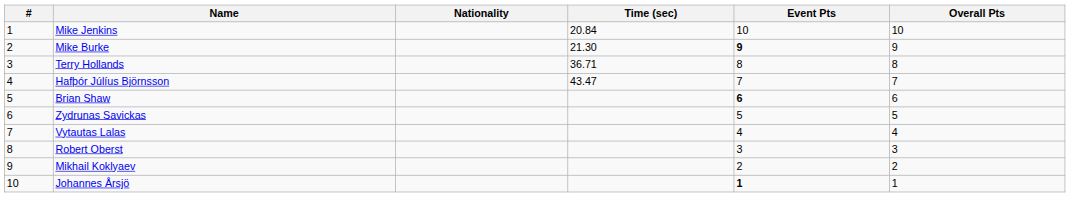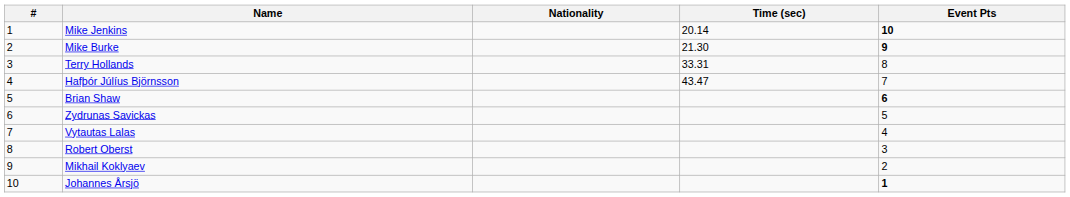 <table class="wikitable sortable" style="display: inline-table; width: 100%;">
 <tr>
 <th>#</th>
 <th>Name</th>
 <th>Nationality</th>
 <th>Time (sec)</th>
 <th>Event Pts</th>
-<th>Overall Pts</th>
 </tr>
 <tr>
 <td>1</td>
 <td><a href='#'>Mike Jenkins</a></td>
 <td></td>
-<td>20.84</td>
-<td>10</td>
-<td>10</td>
+<td>20.14</td>
+<td><strong>10</strong></td>
 </tr>
 <tr>
 <td>2</td>
 <td><a href='#'>Mike Burke</a></td>
 <td></td>
 <td>21.30</td>
 <td><strong>9</strong></td>
-<td>9</td>
 </tr>
 <tr>
 <td>3</td>
 <td><a href='#'>Terry Hollands</a></td>
 <td></td>
-<td>36.71</td>
-<td>8</td>
+<td>33.31</td>
 <td>8</td>
 </tr>
 <tr>
 <td>4</td>
 <td><a href='#'>Hafþór Júlíus Björnsson</a></td>
 <td></td>
 <td>43.47</td>
 <td>7</td>
-<td>7</td>
 </tr>
 <tr>
 <td>5</td>
 <td><a href='#'>Brian Shaw</a></td>
 <td></td>
 <td></td>
 <td><strong>6</strong></td>
-<td>6</td>
 </tr>
 <tr>
 <td>6</td>
 <td><a href='#'>Zydrunas Savickas</a></td>
 <td></td>
 <td></td>
-<td>5</td>
 <td>5</td>
 </tr>
 <tr>
 <td>7</td>
 <td><a href='#'>Vytautas Lalas</a></td>
 <td></td>
 <td></td>
 <td>4</td>
-<td>4</td>
 </tr>
 <tr>
 <td>8</td>
 <td><a href='#'>Robert Oberst</a></td>
 <td></td>
 <td></td>
-<td>3</td>
 <td>3</td>
 </tr>
 <tr>
 <td>9</td>
 <td><a href='#'>Mikhail Koklyaev</a></td>
 <td></td>
 <td></td>
 <td>2</td>
-<td>2</td>
 </tr>
 <tr>
 <td>10</td>
 <td><a href='#'>Johannes Årsjö</a></td>
 <td></td>
 <td></td>
 <td><strong>1</strong></td>
-<td>1</td>
 </tr>
 </table>
